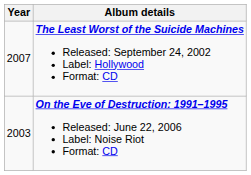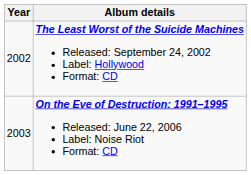 <table class ="wikitable">
 <tr>
 <th>Year</th>
 <th>Album details</th>
 </tr>
 <tr>
-<td>2007</td>
+<td>2002</td>
 <td><strong><em><a href='#'>The Least Worst of the Suicide Machines</a></em></strong><br><ul><li>Released: September 24, 2002</li><li>Label: <a href='#'>Hollywood</a></li><li>Format: <a href='#'>CD</a></li></ul></td>
 </tr>
 <tr>
 <td>2003</td>
 <td><strong><em><a href='#'>On the Eve of Destruction: 1991–1995</a></em></strong><br><ul><li>Released: June 22, 2006</li><li>Label: Noise Riot</li><li>Format: <a href='#'>CD</a></li></ul></td>
 </tr>
 </table>
